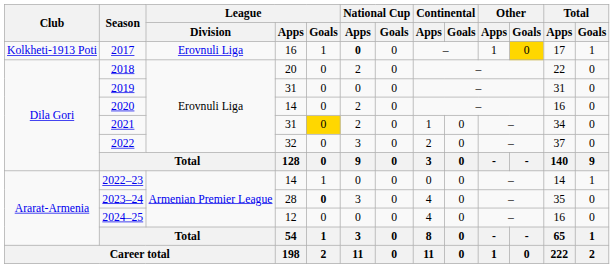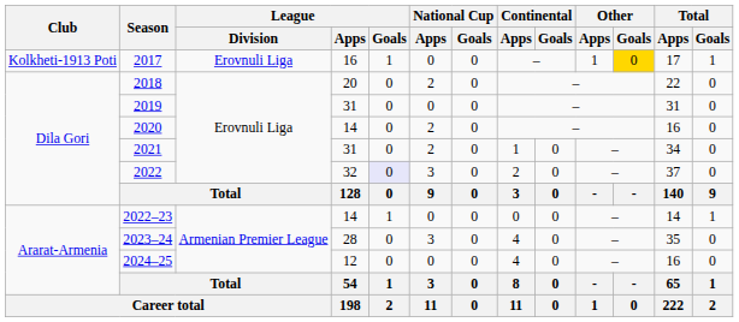 <table class="wikitable" style="text-align: center">
 <tr>
 <th rowspan="2">Club</th>
 <th rowspan="2">Season</th>
 <th colspan="3">League</th>
 <th colspan="2">National Cup</th>
 <th colspan="2">Continental</th>
 <th colspan="2">Other</th>
 <th colspan="2">Total</th>
 </tr>
 <tr>
 <th>Division</th>
 <th>Apps</th>
 <th>Goals</th>
 <th>Apps</th>
 <th>Goals</th>
 <th>Apps</th>
 <th>Goals</th>
 <th>Apps</th>
 <th>Goals</th>
 <th>Apps</th>
 <th>Goals</th>
 </tr>
 <tr>
 <td><a href='#'>Kolkheti-1913 Poti</a></td>
 <td><a href='#'>2017</a></td>
 <td><a href='#'>Erovnuli Liga</a></td>
 <td>16</td>
 <td>1</td>
-<td><strong>0</strong></td>
+<td>0</td>
 <td>0</td>
 <td colspan="2">–</td>
 <td>1</td>
 <td style="background: gold;">0</td>
 <td>17</td>
 <td>1</td>
 </tr>
 <tr>
 <td rowspan="6"><a href='#'>Dila Gori</a></td>
 <td><a href='#'>2018</a></td>
 <td rowspan="5">Erovnuli Liga</td>
 <td>20</td>
 <td>0</td>
 <td>2</td>
 <td>0</td>
 <td colspan="4">–</td>
 <td>22</td>
 <td>0</td>
 </tr>
 <tr>
 <td><a href='#'>2019</a></td>
 <td>31</td>
 <td>0</td>
 <td>0</td>
 <td>0</td>
 <td colspan="4">–</td>
 <td>31</td>
 <td>0</td>
 </tr>
 <tr>
 <td><a href='#'>2020</a></td>
 <td>14</td>
 <td>0</td>
 <td>2</td>
 <td>0</td>
 <td colspan="4">–</td>
 <td>16</td>
 <td>0</td>
 </tr>
 <tr>
 <td><a href='#'>2021</a></td>
 <td>31</td>
-<td style="background: gold;">0</td>
+<td>0</td>
 <td>2</td>
 <td>0</td>
 <td>1</td>
 <td>0</td>
 <td colspan="2">–</td>
 <td>34</td>
 <td>0</td>
 </tr>
 <tr>
 <td><a href='#'>2022</a></td>
 <td>32</td>
-<td>0</td>
+<td style="background: lavender;">0</td>
 <td>3</td>
 <td>0</td>
 <td>2</td>
 <td>0</td>
 <td colspan="2">–</td>
 <td>37</td>
 <td>0</td>
 </tr>
 <tr>
 <th colspan="2">Total</th>
 <th>128</th>
 <th>0</th>
 <th>9</th>
 <th>0</th>
 <th>3</th>
 <th>0</th>
 <th>-</th>
 <th>-</th>
 <th>140</th>
 <th>9</th>
 </tr>
 <tr>
 <td rowspan="4"><a href='#'>Ararat-Armenia</a></td>
 <td><a href='#'>2022–23</a></td>
 <td rowspan="3"><a href='#'>Armenian Premier League</a></td>
 <td>14</td>
 <td>1</td>
 <td>0</td>
 <td>0</td>
 <td>0</td>
 <td>0</td>
 <td colspan="2">–</td>
 <td>14</td>
 <td>1</td>
 </tr>
 <tr>
 <td><a href='#'>2023–24</a></td>
 <td>28</td>
-<td><strong>0</strong></td>
+<td>0</td>
 <td>3</td>
 <td>0</td>
 <td>4</td>
 <td>0</td>
 <td colspan="2">–</td>
 <td>35</td>
 <td>0</td>
 </tr>
 <tr>
 <td><a href='#'>2024–25</a></td>
 <td>12</td>
 <td>0</td>
 <td>0</td>
 <td>0</td>
 <td>4</td>
 <td>0</td>
 <td colspan="2">–</td>
 <td>16</td>
 <td>0</td>
 </tr>
 <tr>
 <th colspan="2">Total</th>
 <th>54</th>
 <th>1</th>
 <th>3</th>
 <th>0</th>
 <th>8</th>
 <th>0</th>
 <th>-</th>
 <th>-</th>
 <th>65</th>
 <th>1</th>
 </tr>
 <tr>
 <th colspan="3">Career total</th>
 <th>198</th>
 <th>2</th>
 <th>11</th>
 <th>0</th>
 <th>11</th>
 <th>0</th>
 <th>1</th>
 <th>0</th>
 <th>222</th>
 <th>2</th>
 </tr>
 </table>
